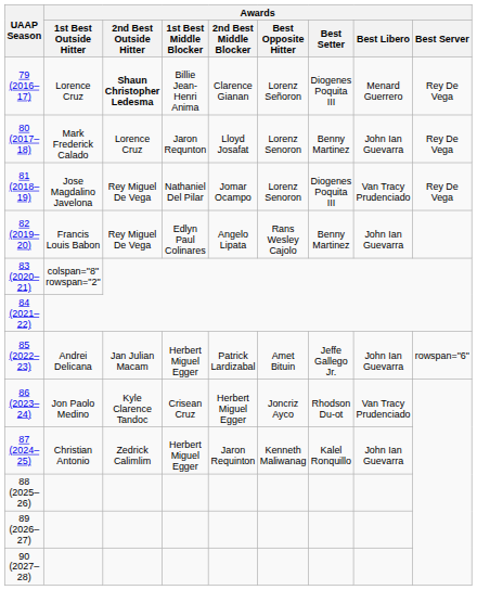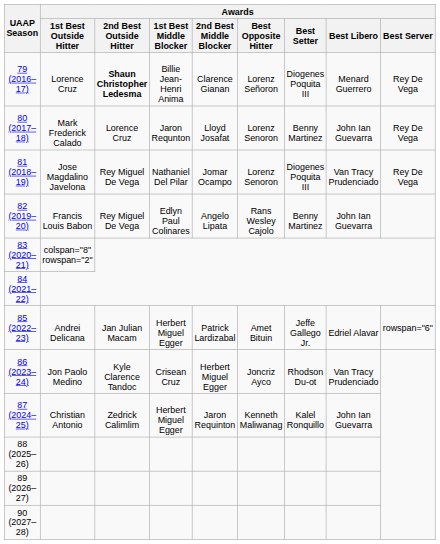 <table class="wikitable" width=100% style="font-size:90%; text-align:center;">
 <tr>
 <th width=7% rowspan=2>UAAP Season</th>
 <th colspan=8>Awards</th>
 </tr>
 <tr>
 <th width=10%>1st Best Outside Hitter</th>
 <th width=10%>2nd Best Outside Hitter</th>
 <th width=10%>1st Best Middle Blocker</th>
 <th width=10%>2nd Best Middle Blocker</th>
 <th width=10%>Best Opposite Hitter</th>
 <th width=10%>Best Setter</th>
 <th width=10%>Best Libero</th>
 <th width=10%>Best Server</th>
 </tr>
 <tr>
 <td><a href='#'>79<br>(2016–17)</a></td>
 <td><br>Lorence Cruz</td>
 <td><strong><br>Shaun Christopher Ledesma</strong></td>
 <td><br>Billie Jean-Henri Anima</td>
 <td><br>Clarence Gianan</td>
 <td><br>Lorenz Señoron</td>
 <td><br>Diogenes Poquita III</td>
 <td><br>Menard Guerrero</td>
 <td><br>Rey De Vega</td>
 </tr>
 <tr>
 <td><a href='#'>80<br>(2017–18)</a></td>
 <td><br>Mark Frederick Calado</td>
 <td><br>Lorence Cruz</td>
 <td><br>Jaron Requnton</td>
 <td><br>Lloyd Josafat</td>
 <td><br>Lorenz Senoron</td>
 <td><br>Benny Martinez</td>
 <td><br>John Ian Guevarra</td>
 <td><br>Rey De Vega</td>
 </tr>
 <tr>
 <td><a href='#'>81<br>(2018–19)</a></td>
 <td><br>Jose Magdalino Javelona</td>
 <td><br>Rey Miguel De Vega</td>
 <td><br>Nathaniel Del Pilar</td>
 <td><br>Jomar Ocampo</td>
 <td><br>Lorenz Senoron</td>
 <td><br>Diogenes Poquita III</td>
 <td><br>Van Tracy Prudenciado</td>
 <td><br>Rey De Vega</td>
 </tr>
 <tr>
 <td><a href='#'>82<br>(2019–20)</a></td>
 <td><br>Francis Louis Babon</td>
 <td><br>Rey Miguel De Vega</td>
 <td><br>Edlyn Paul Colinares</td>
 <td><br>Angelo Lipata</td>
 <td><br>Rans Wesley Cajolo</td>
 <td><br>Benny Martinez</td>
 <td><br>John Ian Guevarra</td>
 <td></td>
 </tr>
 <tr>
 <td><a href='#'>83<br>(2020–21)</a></td>
 <td>colspan="8" rowspan="2" </td>
 </tr>
 <tr>
 <td><a href='#'>84<br>(2021–22)</a></td>
 </tr>
 <tr>
 <td><a href='#'>85<br>(2022–23)</a></td>
 <td><br>Andrei Delicana</td>
 <td><br>Jan Julian Macam</td>
 <td><br>Herbert Miguel Egger</td>
 <td><br>Patrick Lardizabal</td>
 <td><br>Amet Bituin</td>
 <td><br>Jeffe Gallego Jr.</td>
-<td><br>John Ian Guevarra</td>
+<td><br>Edriel Alavar</td>
 <td>rowspan="6" </td>
 </tr>
 <tr>
 <td><a href='#'>86<br>(2023–24)</a></td>
 <td><br>Jon Paolo Medino</td>
 <td><br>Kyle Clarence Tandoc</td>
 <td><br>Crisean Cruz</td>
 <td><br>Herbert Miguel Egger</td>
 <td><br>Joncriz Ayco</td>
 <td><br>Rhodson Du-ot</td>
 <td><br>Van Tracy Prudenciado</td>
 </tr>
 <tr>
 <td><a href='#'>87<br>(2024–25)</a></td>
 <td><br>Christian Antonio</td>
 <td><br>Zedrick Calimlim</td>
 <td><br>Herbert Miguel Egger</td>
 <td><br>Jaron Requinton</td>
 <td><br>Kenneth Maliwanag</td>
 <td><br>Kalel Ronquillo</td>
 <td><br>John Ian Guevarra</td>
 </tr>
 <tr>
 <td>88 (2025–26)</td>
 <td></td>
 <td></td>
 <td></td>
 <td></td>
 <td></td>
 <td></td>
 <td></td>
 </tr>
 <tr>
 <td>89 (2026–27)</td>
 <td></td>
 <td></td>
 <td></td>
 <td></td>
 <td></td>
 <td></td>
 <td></td>
 </tr>
 <tr>
 <td>90 (2027–28)</td>
 <td></td>
 <td></td>
 <td></td>
 <td></td>
 <td></td>
 <td></td>
 <td></td>
 </tr>
 </table>
